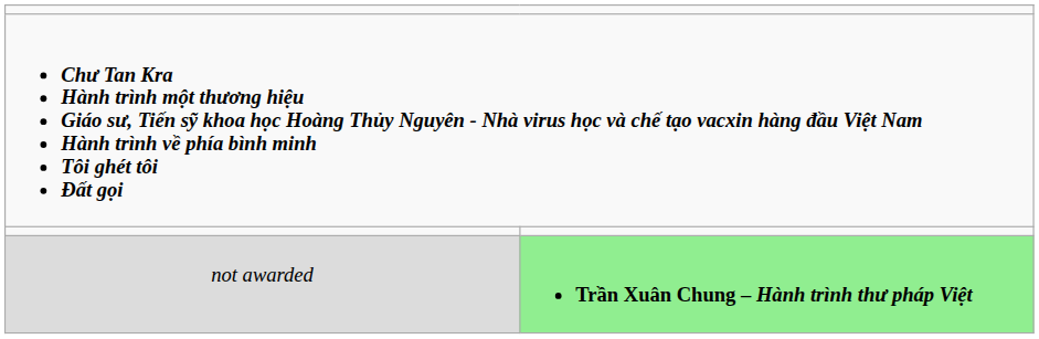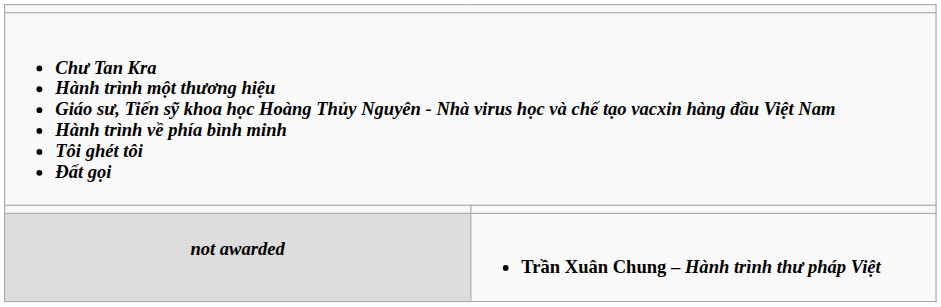 <table class="wikitable" align="center" style="width:91%">
 <tr>
 <td colspan="2" style="vertical-align:top; width:100%;"></td>
 </tr>
 <tr>
 <td colspan="2" valign="top"><br><ul><li><strong><em><span>Chư Tan Kra</span></em></strong></li><li><strong><em><span>Hành trình một thương hiệu </span></em></strong></li><li><strong><em><span>Giáo sư, Tiến sỹ khoa học Hoàng Thủy Nguyên - Nhà virus học và chế tạo vacxin hàng đầu Việt Nam</span></em></strong></li><li><strong><em><span>Hành trình về phía bình minh</span></em></strong></li><li><strong><em><span>Tôi ghét tôi</span></em></strong></li><li><strong><em><span>Đất gọi</span></em></strong></li></ul></td>
 </tr>
 <tr>
 <td style="vertical-align:top; width:50%;"></td>
 <td style="vertical-align:top; width:50%;"></td>
 </tr>
 <tr>
-<td valign="top" align=center style="background:#DCDCDC;"><br><em>not awarded</em></td>
-<td valign="top" style="background: lightgreen;"><br><ul><li><strong>Trần Xuân Chung – <em>Hành trình thư pháp Việt</em> </strong></li></ul></td>
+<td valign="top" align=center style="background:#DCDCDC;"><strong><br><em>not awarded</em></strong></td>
+<td valign="top"><br><ul><li><strong>Trần Xuân Chung – <em>Hành trình thư pháp Việt</em> </strong></li></ul></td>
 </tr>
 </table>
